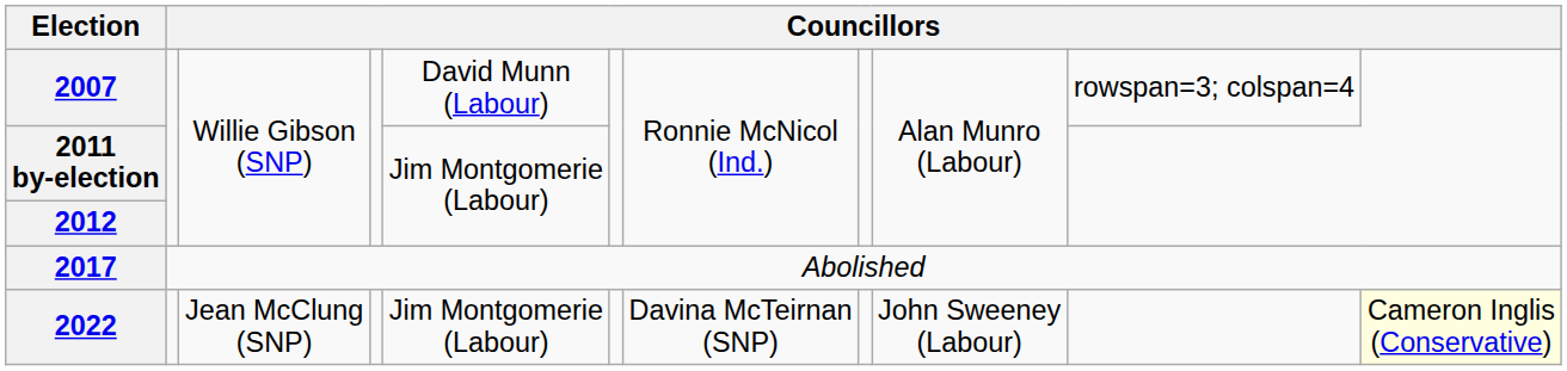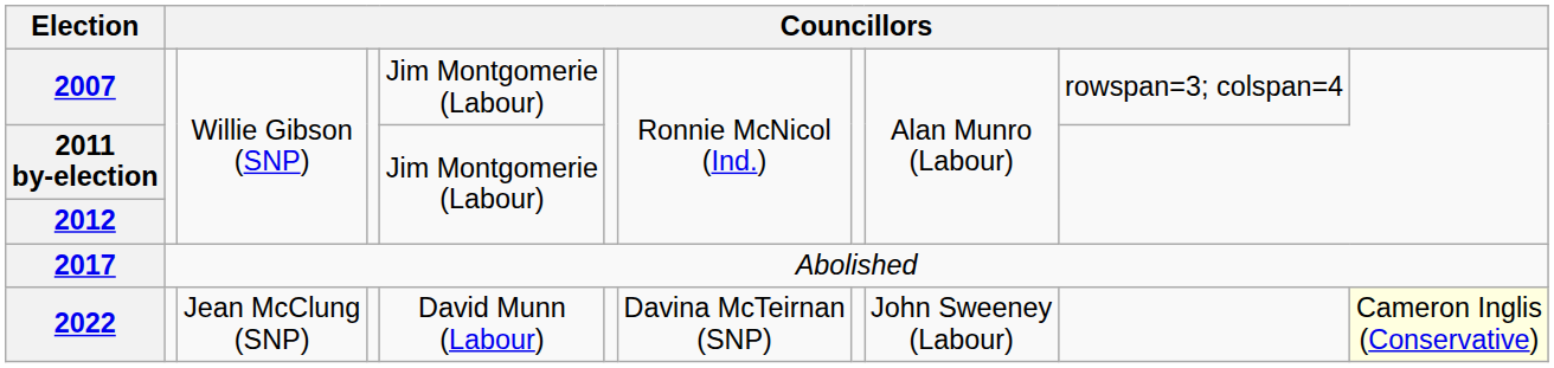 <table class="wikitable" style="text-align:center">
 <tr>
 <th>Election</th>
 <th colspan=12>Councillors</th>
 </tr>
 <tr>
 <th><a href='#'>2007</a></th>
 <td rowspan=3; style="background-color: "></td>
 <td rowspan=3>Willie Gibson<br>(<a href='#'>SNP</a>)</td>
 <td rowspan=3; style="background-color: "></td>
-<td rowspan=1>David Munn<br>(<a href='#'>Labour</a>)</td>
+<td>Jim Montgomerie<br>(Labour)</td>
 <td rowspan=3; style="background-color: "></td>
 <td rowspan=3>Ronnie McNicol<br>(<a href='#'>Ind.</a>)</td>
 <td rowspan=3; style="background-color: "></td>
 <td rowspan=3>Alan Munro<br>(Labour)</td>
 <td>rowspan=3; colspan=4 </td>
 </tr>
 <tr>
 <th>2011<br>by-election</th>
 <td rowspan=2>Jim Montgomerie<br>(Labour)</td>
 </tr>
 <tr>
 <th><a href='#'>2012</a></th>
 </tr>
 <tr>
 <th><a href='#'>2017</a></th>
 <td colspan=10><em>Abolished</em></td>
 </tr>
 <tr>
 <th><a href='#'>2022</a></th>
 <td style="background-color: "></td>
 <td>Jean McClung<br>(SNP)</td>
 <td style="background-color: "></td>
-<td>Jim Montgomerie<br>(Labour)</td>
+<td rowspan=1>David Munn<br>(<a href='#'>Labour</a>)</td>
 <td style="background-color: "></td>
 <td>Davina McTeirnan<br>(SNP)</td>
 <td style="background-color: "></td>
 <td>John Sweeney<br>(Labour)</td>
 <td style="background-color: "></td>
 <td style="background: lightyellow;">Cameron Inglis<br>(<a href='#'>Conservative</a>)</td>
 </tr>
 </table>
